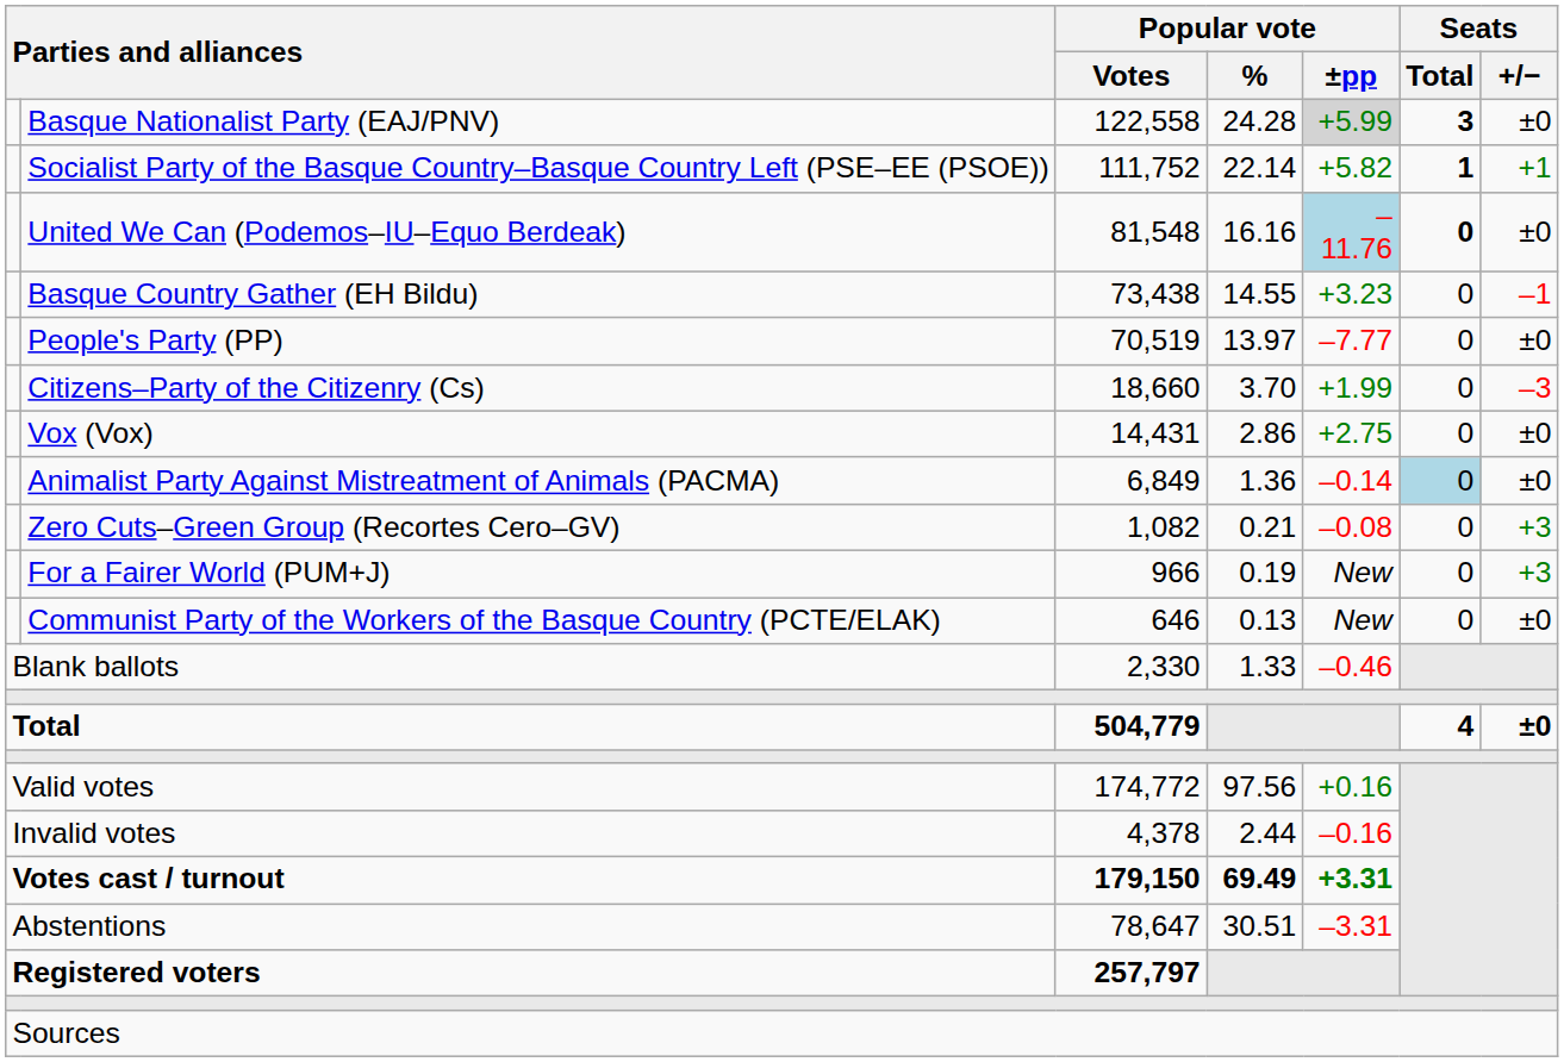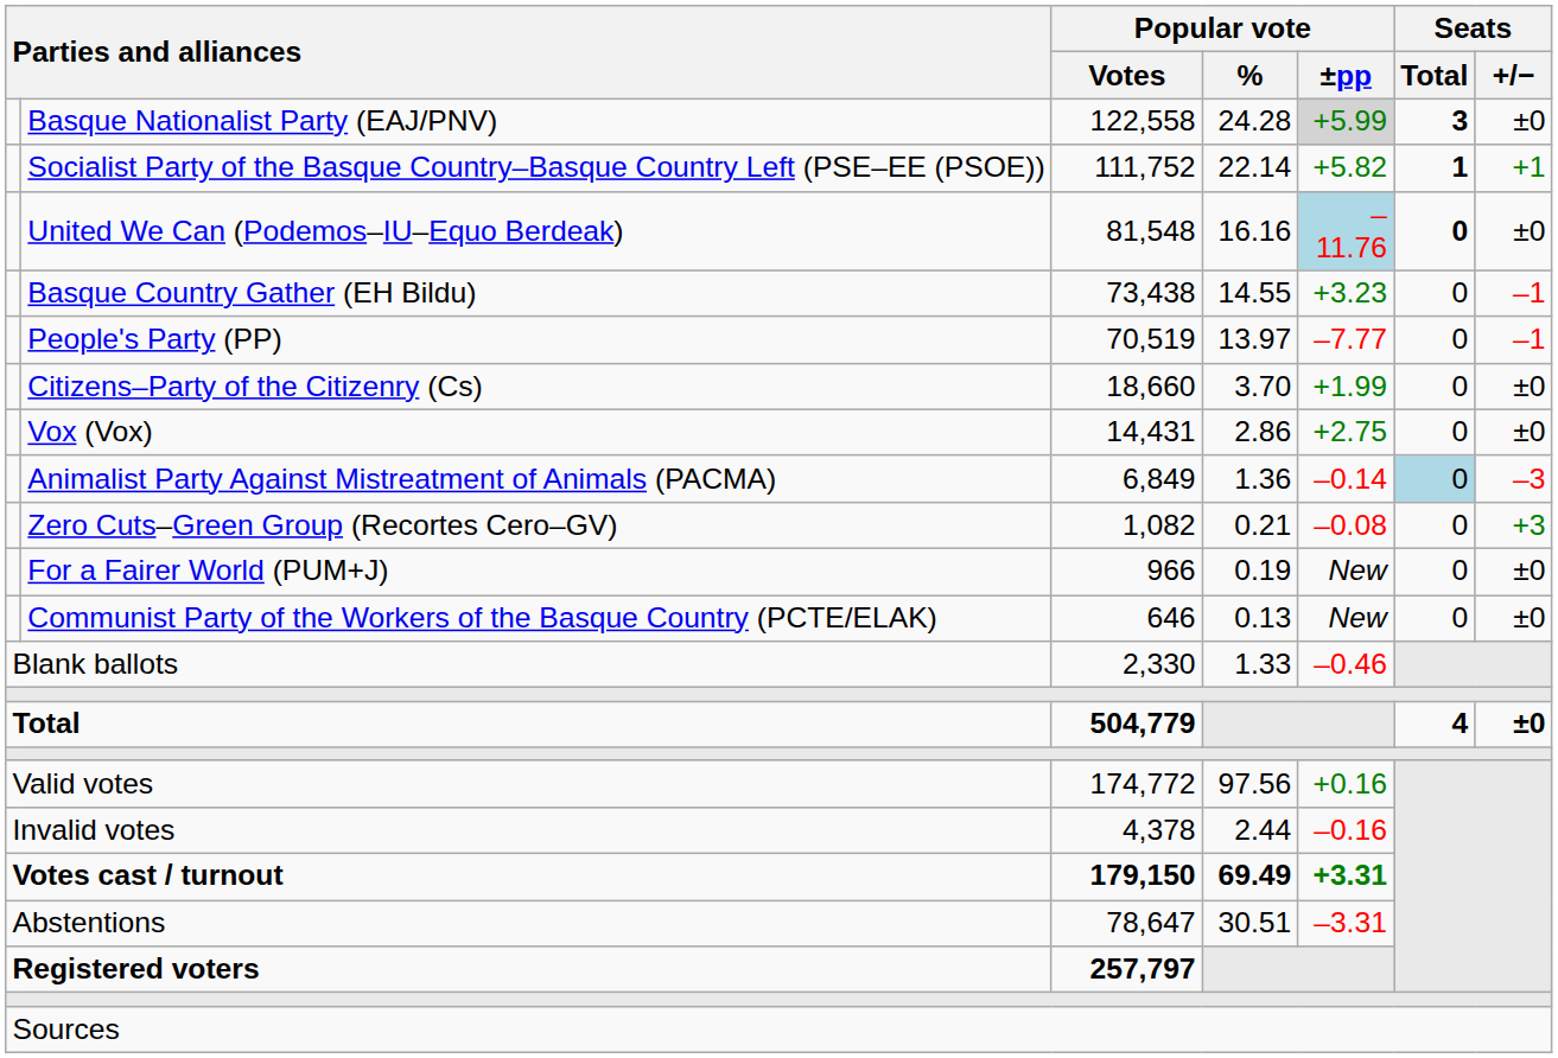 <table class="wikitable" style="text-align:right;">
 <tr>
 <th style="text-align:left;" rowspan="2" colspan="2" width="525">Parties and alliances</th>
 <th colspan="3">Popular vote</th>
 <th colspan="2">Seats</th>
 </tr>
 <tr>
 <th width="75">Votes</th>
 <th width="45">%</th>
 <th width="45">±<a href='#'>pp</a></th>
 <th width="35">Total</th>
 <th width="35">+/−</th>
 </tr>
 <tr>
 <td width="1" style="color:inherit;background:"></td>
 <td align="left"><a href='#'>Basque Nationalist Party</a> (EAJ/PNV)</td>
 <td>122,558</td>
 <td>24.28</td>
 <td style="background: lightgrey; color:green;">+5.99</td>
 <td><strong>3</strong></td>
 <td>±0</td>
 </tr>
 <tr>
 <td style="color:inherit;background:"></td>
 <td align="left"><a href='#'>Socialist Party of the Basque Country–Basque Country Left</a> (PSE–EE (PSOE))</td>
 <td>111,752</td>
 <td>22.14</td>
 <td style="color:green;">+5.82</td>
 <td><strong>1</strong></td>
 <td style="color:green;">+1</td>
 </tr>
 <tr>
 <td style="color:inherit;background:"></td>
 <td align="left"><a href='#'>United We Can</a> (<a href='#'>Podemos</a>–<a href='#'>IU</a>–<a href='#'>Equo Berdeak</a>)</td>
 <td>81,548</td>
 <td>16.16</td>
 <td style="background: lightblue; color:red;">–11.76</td>
 <td><strong>0</strong></td>
 <td>±0</td>
 </tr>
 <tr>
 <td style="color:inherit;background:"></td>
 <td align="left"><a href='#'>Basque Country Gather</a> (EH Bildu)</td>
 <td>73,438</td>
 <td>14.55</td>
 <td style="color:green;">+3.23</td>
 <td>0</td>
 <td style="color:red;">–1</td>
 </tr>
 <tr>
 <td style="color:inherit;background:"></td>
 <td align="left"><a href='#'>People's Party</a> (PP)</td>
 <td>70,519</td>
 <td>13.97</td>
 <td style="color:red;">–7.77</td>
 <td>0</td>
-<td>±0</td>
+<td style="color:red;">–1</td>
 </tr>
 <tr>
 <td style="color:inherit;background:"></td>
 <td align="left"><a href='#'>Citizens–Party of the Citizenry</a> (Cs)</td>
 <td>18,660</td>
 <td>3.70</td>
 <td style="color:green;">+1.99</td>
 <td>0</td>
-<td style="color:red;">–3</td>
+<td>±0</td>
 </tr>
 <tr>
 <td style="color:inherit;background:"></td>
 <td align="left"><a href='#'>Vox</a> (Vox)</td>
 <td>14,431</td>
 <td>2.86</td>
 <td style="color:green;">+2.75</td>
 <td>0</td>
 <td>±0</td>
 </tr>
 <tr>
 <td style="color:inherit;background:"></td>
 <td align="left"><a href='#'>Animalist Party Against Mistreatment of Animals</a> (PACMA)</td>
 <td>6,849</td>
 <td>1.36</td>
 <td style="color:red;">–0.14</td>
 <td style="background: lightblue;">0</td>
-<td>±0</td>
+<td style="color:red;">–3</td>
 </tr>
 <tr>
 <td style="color:inherit;background:"></td>
 <td align="left"><a href='#'>Zero Cuts</a>–<a href='#'>Green Group</a> (Recortes Cero–GV)</td>
 <td>1,082</td>
 <td>0.21</td>
 <td style="color:red;">–0.08</td>
 <td>0</td>
 <td style="color:green;">+3</td>
 </tr>
 <tr>
 <td style="color:inherit;background:"></td>
 <td align="left"><a href='#'>For a Fairer World</a> (PUM+J)</td>
 <td>966</td>
 <td>0.19</td>
 <td><em>New</em></td>
 <td>0</td>
-<td style="color:green;">+3</td>
+<td>±0</td>
 </tr>
 <tr>
 <td style="color:inherit;background:"></td>
 <td align="left"><a href='#'>Communist Party of the Workers of the Basque Country</a> (PCTE/ELAK)</td>
 <td>646</td>
 <td>0.13</td>
 <td><em>New</em></td>
 <td>0</td>
 <td>±0</td>
 </tr>
 <tr>
 <td align="left" colspan="2">Blank ballots</td>
 <td>2,330</td>
 <td>1.33</td>
 <td style="color:red;">–0.46</td>
 <td bgcolor="#E9E9E9" colspan="2"></td>
 </tr>
 <tr>
 <td colspan="7" bgcolor="#E9E9E9"></td>
 </tr>
 <tr style="font-weight:bold;">
 <td align="left" colspan="2">Total</td>
 <td>504,779</td>
 <td bgcolor="#E9E9E9" colspan="2"></td>
 <td>4</td>
 <td>±0</td>
 </tr>
 <tr>
 <td colspan="7" bgcolor="#E9E9E9"></td>
 </tr>
 <tr>
 <td align="left" colspan="2">Valid votes</td>
 <td>174,772</td>
 <td>97.56</td>
 <td style="color:green;">+0.16</td>
 <td bgcolor="#E9E9E9" colspan="2" rowspan="5"></td>
 </tr>
 <tr>
 <td align="left" colspan="2">Invalid votes</td>
 <td>4,378</td>
 <td>2.44</td>
 <td style="color:red;">–0.16</td>
 </tr>
 <tr style="font-weight:bold;">
 <td align="left" colspan="2">Votes cast / turnout</td>
 <td>179,150</td>
 <td>69.49</td>
 <td style="color:green;">+3.31</td>
 </tr>
 <tr>
 <td align="left" colspan="2">Abstentions</td>
 <td>78,647</td>
 <td>30.51</td>
 <td style="color:red;">–3.31</td>
 </tr>
 <tr style="font-weight:bold;">
 <td align="left" colspan="2">Registered voters</td>
 <td>257,797</td>
 <td bgcolor="#E9E9E9" colspan="2"></td>
 </tr>
 <tr>
 <td colspan="7" bgcolor="#E9E9E9"></td>
 </tr>
 <tr>
 <td align="left" colspan="7">Sources</td>
 </tr>
 </table>
